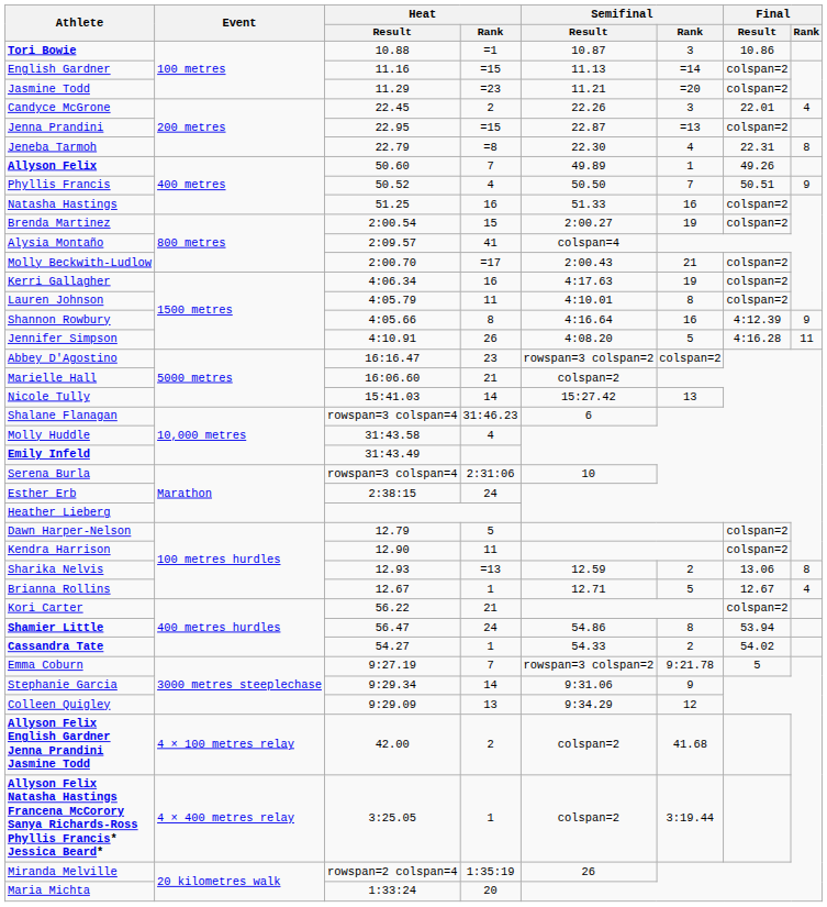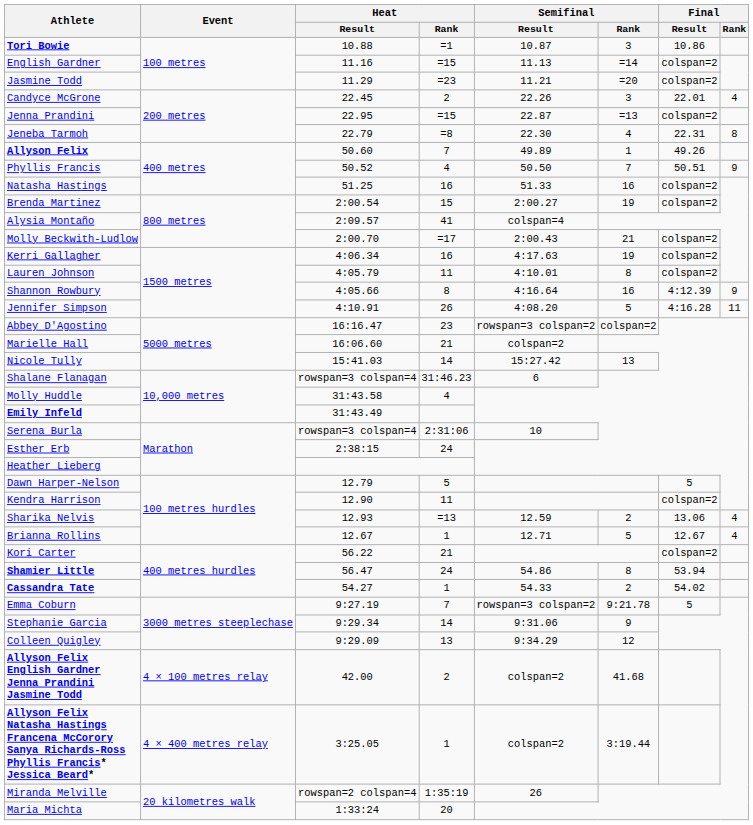 <table class="wikitable" style="font-size:90%">
 <tr>
 <th rowspan="2">Athlete</th>
 <th rowspan="2">Event</th>
 <th colspan="2">Heat</th>
 <th colspan="2">Semifinal</th>
 <th colspan="2">Final</th>
 </tr>
 <tr style="font-size:95%">
 <th>Result</th>
 <th>Rank</th>
 <th>Result</th>
 <th>Rank</th>
 <th>Result</th>
 <th>Rank</th>
 </tr>
 <tr style=text-align:center>
 <td style=text-align:left><strong><a href='#'>Tori Bowie</a></strong></td>
 <td style=text-align:left rowspan=3><a href='#'>100 metres</a></td>
 <td>10.88</td>
 <td>=1 <strong></strong></td>
 <td>10.87</td>
 <td>3 <strong></strong></td>
 <td>10.86</td>
 <td></td>
 </tr>
 <tr style=text-align:center>
 <td style=text-align:left><a href='#'>English Gardner</a></td>
 <td>11.16</td>
 <td>=15 <strong></strong></td>
 <td>11.13</td>
 <td>=14</td>
 <td>colspan=2 </td>
 </tr>
 <tr style=text-align:center>
 <td style=text-align:left><a href='#'>Jasmine Todd</a></td>
 <td>11.29</td>
 <td>=23 <strong></strong></td>
 <td>11.21</td>
 <td>=20</td>
 <td>colspan=2 </td>
 </tr>
 <tr style=text-align:center>
 <td style=text-align:left><a href='#'>Candyce McGrone</a></td>
 <td style=text-align:left rowspan=3><a href='#'>200 metres</a></td>
 <td>22.45</td>
 <td>2 <strong></strong></td>
 <td>22.26</td>
 <td>3 <strong></strong></td>
 <td>22.01 <strong></strong></td>
 <td>4</td>
 </tr>
 <tr style=text-align:center>
 <td style=text-align:left><a href='#'>Jenna Prandini</a></td>
 <td>22.95</td>
 <td>=15 <strong></strong></td>
 <td>22.87</td>
 <td>=13</td>
 <td>colspan=2 </td>
 </tr>
 <tr style=text-align:center>
 <td style=text-align:left><a href='#'>Jeneba Tarmoh</a></td>
 <td>22.79</td>
 <td>=8 <strong></strong></td>
 <td>22.30</td>
 <td>4 <strong></strong></td>
 <td>22.31</td>
 <td>8</td>
 </tr>
 <tr style=text-align:center>
 <td style=text-align:left><strong><a href='#'>Allyson Felix</a></strong></td>
 <td style=text-align:left rowspan=3><a href='#'>400 metres</a></td>
 <td>50.60</td>
 <td>7 <strong></strong></td>
 <td>49.89 <strong></strong></td>
 <td>1 <strong></strong></td>
 <td>49.26 <strong></strong></td>
 <td></td>
 </tr>
 <tr style=text-align:center>
 <td style=text-align:left><a href='#'>Phyllis Francis</a></td>
 <td>50.52 <strong></strong></td>
 <td>4 <strong></strong></td>
 <td>50.50 <strong></strong></td>
 <td>7 <strong></strong></td>
 <td>50.51</td>
 <td>9</td>
 </tr>
 <tr style=text-align:center>
 <td style=text-align:left><a href='#'>Natasha Hastings</a></td>
 <td>51.25</td>
 <td>16 <strong></strong></td>
 <td>51.33</td>
 <td>16</td>
 <td>colspan=2 </td>
 </tr>
 <tr style=text-align:center>
 <td style=text-align:left><a href='#'>Brenda Martinez</a></td>
 <td style=text-align:left rowspan=3><a href='#'>800 metres</a></td>
 <td>2:00.54</td>
 <td>15 <strong></strong></td>
 <td>2:00.27</td>
 <td>19</td>
 <td>colspan=2 </td>
 </tr>
 <tr style=text-align:center>
 <td style=text-align:left><a href='#'>Alysia Montaño</a></td>
 <td>2:09.57</td>
 <td>41</td>
 <td>colspan=4 </td>
 </tr>
 <tr style=text-align:center>
 <td style=text-align:left><a href='#'>Molly Beckwith-Ludlow</a></td>
 <td>2:00.70</td>
 <td>=17 <strong></strong></td>
 <td>2:00.43</td>
 <td>21</td>
 <td>colspan=2 </td>
 </tr>
 <tr style=text-align:center>
 <td style=text-align:left><a href='#'>Kerri Gallagher</a></td>
 <td style=text-align:left rowspan=4><a href='#'>1500 metres</a></td>
 <td>4:06.34</td>
 <td>16 <strong></strong></td>
 <td>4:17.63</td>
 <td>19</td>
 <td>colspan=2 </td>
 </tr>
 <tr style=text-align:center>
 <td style=text-align:left><a href='#'>Lauren Johnson</a></td>
 <td>4:05.79</td>
 <td>11 <strong></strong></td>
 <td>4:10.01</td>
 <td>8</td>
 <td>colspan=2 </td>
 </tr>
 <tr style=text-align:center>
 <td style=text-align:left><a href='#'>Shannon Rowbury</a></td>
 <td>4:05.66</td>
 <td>8 <strong></strong></td>
 <td>4:16.64</td>
 <td>16 <strong></strong></td>
 <td>4:12.39</td>
 <td>9</td>
 </tr>
 <tr style=text-align:center>
 <td style=text-align:left><a href='#'>Jennifer Simpson</a></td>
 <td>4:10.91</td>
 <td>26 <strong></strong></td>
 <td>4:08.20</td>
 <td>5 <strong></strong></td>
 <td>4:16.28</td>
 <td>11</td>
 </tr>
 <tr style=text-align:center>
 <td style=text-align:left><a href='#'>Abbey D'Agostino</a></td>
 <td style=text-align:left rowspan=3><a href='#'>5000 metres</a></td>
 <td>16:16.47</td>
 <td>23</td>
 <td>rowspan=3 colspan=2 </td>
 <td>colspan=2 </td>
 </tr>
 <tr style=text-align:center>
 <td style=text-align:left><a href='#'>Marielle Hall</a></td>
 <td>16:06.60</td>
 <td>21</td>
 <td>colspan=2 </td>
 </tr>
 <tr style=text-align:center>
 <td style=text-align:left><a href='#'>Nicole Tully</a></td>
 <td>15:41.03</td>
 <td>14 <strong></strong></td>
 <td>15:27.42</td>
 <td>13</td>
 </tr>
 <tr style=text-align:center>
 <td style=text-align:left><a href='#'>Shalane Flanagan</a></td>
 <td style=text-align:left rowspan=3><a href='#'>10,000 metres</a></td>
 <td>rowspan=3 colspan=4 </td>
 <td>31:46.23</td>
 <td>6</td>
 </tr>
 <tr style=text-align:center>
 <td style=text-align:left><a href='#'>Molly Huddle</a></td>
 <td>31:43.58</td>
 <td>4</td>
 </tr>
 <tr style=text-align:center>
 <td style=text-align:left><strong><a href='#'>Emily Infeld</a></strong></td>
 <td>31:43.49</td>
 <td></td>
 </tr>
 <tr style=text-align:center>
 <td style=text-align:left><a href='#'>Serena Burla</a></td>
 <td style=text-align:left rowspan=3><a href='#'>Marathon</a></td>
 <td>rowspan=3 colspan=4 </td>
 <td>2:31:06</td>
 <td>10</td>
 </tr>
 <tr style=text-align:center>
 <td style=text-align:left><a href='#'>Esther Erb</a></td>
 <td>2:38:15</td>
 <td>24</td>
 </tr>
 <tr style=text-align:center>
 <td style=text-align:left><a href='#'>Heather Lieberg</a></td>
 <td colspan=2></td>
 </tr>
 <tr style=text-align:center>
 <td style=text-align:left><a href='#'>Dawn Harper-Nelson</a></td>
 <td style=text-align:left rowspan=4><a href='#'>100 metres hurdles</a></td>
 <td>12.79</td>
 <td>5 <strong></strong></td>
 <td colspan=2></td>
-<td>colspan=2 </td>
+<td>5</td>
 </tr>
 <tr style=text-align:center>
 <td style=text-align:left><a href='#'>Kendra Harrison</a></td>
 <td>12.90</td>
 <td>11 <strong></strong></td>
 <td colspan=2></td>
 <td>colspan=2 </td>
 </tr>
 <tr style=text-align:center>
 <td style=text-align:left><a href='#'>Sharika Nelvis</a></td>
 <td>12.93</td>
 <td>=13 <strong></strong></td>
 <td>12.59</td>
 <td>2 <strong></strong></td>
 <td>13.06</td>
-<td>8</td>
+<td>4</td>
 </tr>
 <tr style=text-align:center>
 <td style=text-align:left><a href='#'>Brianna Rollins</a></td>
 <td>12.67</td>
 <td>1 <strong></strong></td>
 <td>12.71</td>
 <td>5 <strong></strong></td>
 <td>12.67</td>
 <td>4</td>
 </tr>
 <tr style=text-align:center>
 <td style=text-align:left><a href='#'>Kori Carter</a></td>
 <td style=text-align:left rowspan=3><a href='#'>400 metres hurdles</a></td>
 <td>56.22</td>
 <td>21 <strong></strong></td>
 <td colspan=2></td>
 <td>colspan=2 </td>
 </tr>
 <tr style=text-align:center>
 <td style=text-align:left><strong><a href='#'>Shamier Little</a></strong></td>
 <td>56.47</td>
 <td>24 <strong></strong></td>
 <td>54.86</td>
 <td>8 <strong></strong></td>
 <td>53.94</td>
 <td></td>
 </tr>
 <tr style=text-align:center>
 <td style=text-align:left><strong><a href='#'>Cassandra Tate</a></strong></td>
 <td>54.27</td>
 <td>1 <strong></strong></td>
 <td>54.33</td>
 <td>2 <strong></strong></td>
 <td>54.02</td>
 <td></td>
 </tr>
 <tr style=text-align:center>
 <td style=text-align:left><a href='#'>Emma Coburn</a></td>
 <td style=text-align:left rowspan=3><a href='#'>3000 metres steeplechase</a></td>
 <td>9:27.19</td>
 <td>7 <strong></strong></td>
 <td>rowspan=3 colspan=2 </td>
 <td>9:21.78</td>
 <td>5</td>
 </tr>
 <tr style=text-align:center>
 <td style=text-align:left><a href='#'>Stephanie Garcia</a></td>
 <td>9:29.34</td>
 <td>14 <strong></strong></td>
 <td>9:31.06</td>
 <td>9</td>
 </tr>
 <tr style=text-align:center>
 <td style=text-align:left><a href='#'>Colleen Quigley</a></td>
 <td>9:29.09</td>
 <td>13 <strong></strong></td>
 <td>9:34.29</td>
 <td>12</td>
 </tr>
 <tr style=text-align:center>
 <td style=text-align:left><strong><a href='#'>Allyson Felix</a><br><a href='#'>English Gardner</a><br><a href='#'>Jenna Prandini</a><br><a href='#'>Jasmine Todd</a></strong></td>
 <td style=text-align:left><a href='#'>4 × 100 metres relay</a></td>
 <td>42.00</td>
 <td>2 <strong></strong></td>
 <td>colspan=2 </td>
 <td>41.68 <strong></strong></td>
 <td></td>
 </tr>
 <tr style=text-align:center>
 <td style=text-align:left><strong><a href='#'>Allyson Felix</a><br><a href='#'>Natasha Hastings</a><br><a href='#'>Francena McCorory</a><br><a href='#'>Sanya Richards-Ross</a><br><a href='#'>Phyllis Francis</a>*<br><a href='#'>Jessica Beard</a>*</strong></td>
 <td style=text-align:left><a href='#'>4 × 400 metres relay</a></td>
 <td>3:25.05</td>
 <td>1 <strong></strong></td>
 <td>colspan=2 </td>
 <td>3:19.44</td>
 <td></td>
 </tr>
 <tr style=text-align:center>
 <td style=text-align:left><a href='#'>Miranda Melville</a></td>
 <td style=text-align:left rowspan=2><a href='#'>20 kilometres walk</a></td>
 <td>rowspan=2 colspan=4 </td>
 <td>1:35:19</td>
 <td>26</td>
 </tr>
 <tr style=text-align:center>
 <td style=text-align:left><a href='#'>Maria Michta</a></td>
 <td>1:33:24</td>
 <td>20</td>
 </tr>
 </table>
